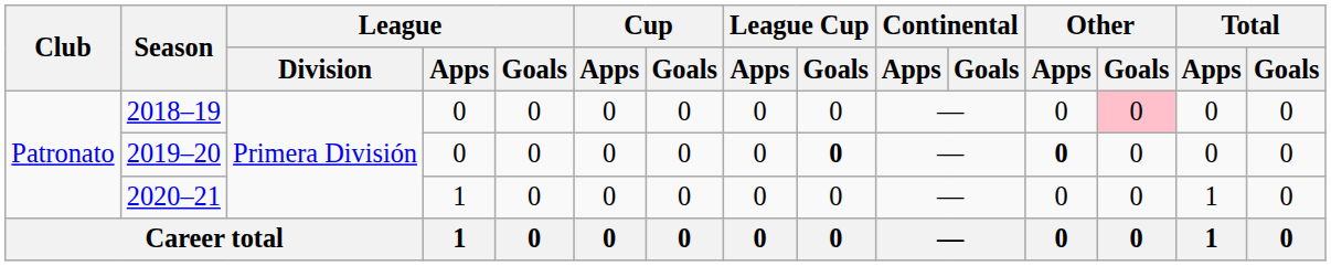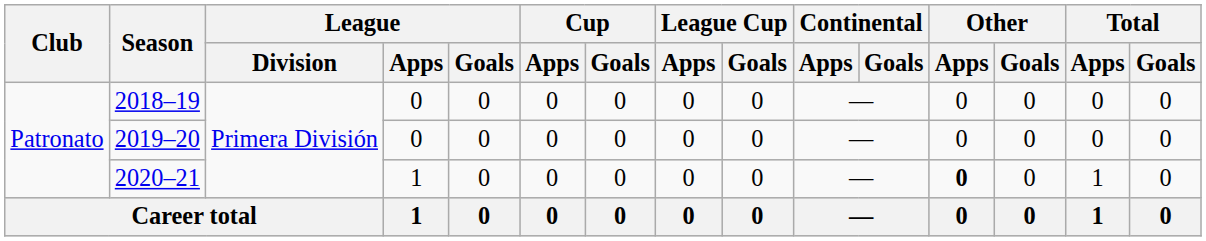 <table class="wikitable" style="text-align:center">
 <tr>
 <th rowspan="2">Club</th>
 <th rowspan="2">Season</th>
 <th colspan="3">League</th>
 <th colspan="2">Cup</th>
 <th colspan="2">League Cup</th>
 <th colspan="2">Continental</th>
 <th colspan="2">Other</th>
 <th colspan="2">Total</th>
 </tr>
 <tr>
 <th>Division</th>
 <th>Apps</th>
 <th>Goals</th>
 <th>Apps</th>
 <th>Goals</th>
 <th>Apps</th>
 <th>Goals</th>
 <th>Apps</th>
 <th>Goals</th>
 <th>Apps</th>
 <th>Goals</th>
 <th>Apps</th>
 <th>Goals</th>
 </tr>
 <tr>
 <td rowspan="3"><a href='#'>Patronato</a></td>
 <td><a href='#'>2018–19</a></td>
 <td rowspan="3"><a href='#'>Primera División</a></td>
 <td>0</td>
 <td>0</td>
 <td>0</td>
 <td>0</td>
 <td>0</td>
 <td>0</td>
 <td colspan="2">—</td>
 <td>0</td>
-<td style="background: pink;">0</td>
+<td>0</td>
 <td>0</td>
 <td>0</td>
 </tr>
 <tr>
 <td><a href='#'>2019–20</a></td>
 <td>0</td>
 <td>0</td>
 <td>0</td>
 <td>0</td>
 <td>0</td>
-<td><strong>0</strong></td>
+<td>0</td>
 <td colspan="2">—</td>
-<td><strong>0</strong></td>
+<td>0</td>
 <td>0</td>
 <td>0</td>
 <td>0</td>
 </tr>
 <tr>
 <td><a href='#'>2020–21</a></td>
 <td>1</td>
 <td>0</td>
 <td>0</td>
 <td>0</td>
 <td>0</td>
 <td>0</td>
 <td colspan="2">—</td>
-<td>0</td>
+<td><strong>0</strong></td>
 <td>0</td>
 <td>1</td>
 <td>0</td>
 </tr>
 <tr>
 <th colspan="3">Career total</th>
 <th>1</th>
 <th>0</th>
 <th>0</th>
 <th>0</th>
 <th>0</th>
 <th>0</th>
 <th colspan="2">—</th>
 <th>0</th>
 <th>0</th>
 <th>1</th>
 <th>0</th>
 </tr>
 </table>
